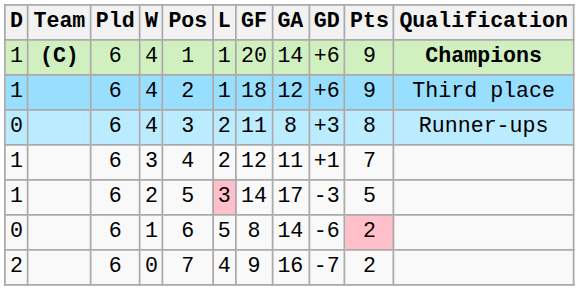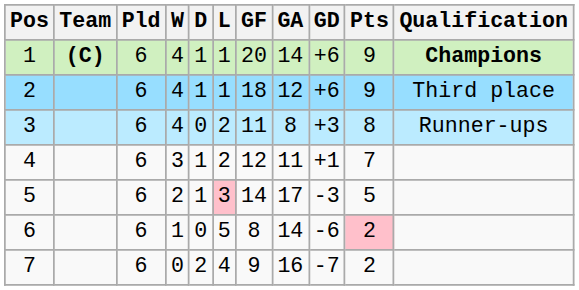 <table class="wikitable sortable" style="font-size:95%; text-align:center;">
 <tr>
-<th>D</th>
+<th>Pos</th>
 <th>Team</th>
 <th>Pld</th>
 <th>W</th>
-<th>Pos</th>
+<th>D</th>
 <th>L</th>
 <th>GF</th>
 <th>GA</th>
 <th>GD</th>
 <th>Pts</th>
 <th>Qualification</th>
 </tr>
 <tr bgcolor="#D0F0C0">
 <td>1</td>
 <td> <strong>(C)</strong></td>
 <td>6</td>
 <td>4</td>
 <td>1</td>
 <td>1</td>
 <td>20</td>
 <td>14</td>
 <td>+6</td>
 <td>9</td>
 <td><strong>Champions</strong></td>
 </tr>
 <tr bgcolor="#97DEFF">
-<td>1</td>
+<td>2</td>
 <td></td>
 <td>6</td>
 <td>4</td>
-<td>2</td>
+<td>1</td>
 <td>1</td>
 <td>18</td>
 <td>12</td>
 <td>+6</td>
 <td>9</td>
 <td>Third place</td>
 </tr>
 <tr bgcolor="#BBEBFF">
-<td>0</td>
+<td>3</td>
 <td></td>
 <td>6</td>
 <td>4</td>
-<td>3</td>
+<td>0</td>
 <td>2</td>
 <td>11</td>
 <td>8</td>
 <td>+3</td>
 <td>8</td>
 <td>Runner-ups</td>
 </tr>
 <tr>
-<td>1</td>
+<td>4</td>
 <td></td>
 <td>6</td>
 <td>3</td>
-<td>4</td>
+<td>1</td>
 <td>2</td>
 <td>12</td>
 <td>11</td>
 <td>+1</td>
 <td>7</td>
 <td></td>
 </tr>
 <tr>
-<td>1</td>
+<td>5</td>
 <td></td>
 <td>6</td>
 <td>2</td>
-<td>5</td>
+<td>1</td>
 <td style="background: pink;">3</td>
 <td>14</td>
 <td>17</td>
 <td>-3</td>
 <td>5</td>
 <td></td>
 </tr>
 <tr>
-<td>0</td>
+<td>6</td>
 <td></td>
 <td>6</td>
 <td>1</td>
-<td>6</td>
+<td>0</td>
 <td>5</td>
 <td>8</td>
 <td>14</td>
 <td>-6</td>
 <td style="background: pink;">2</td>
 <td></td>
 </tr>
 <tr>
-<td>2</td>
+<td>7</td>
 <td></td>
 <td>6</td>
 <td>0</td>
-<td>7</td>
+<td>2</td>
 <td>4</td>
 <td>9</td>
 <td>16</td>
 <td>-7</td>
 <td>2</td>
 <td></td>
 </tr>
 </table>
